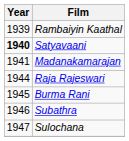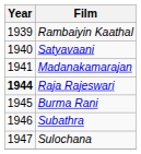 <table class="wikitable sortable">
 <tr>
 <th>Year</th>
 <th>Film</th>
 </tr>
 <tr>
 <td>1939</td>
 <td><em>Rambaiyin Kaathal</em></td>
 </tr>
 <tr>
-<td><strong>1940</strong></td>
+<td>1940</td>
 <td><em><a href='#'>Satyavaani</a></em></td>
 </tr>
 <tr>
 <td>1941</td>
 <td><em><a href='#'>Madanakamarajan</a></em></td>
 </tr>
 <tr>
-<td>1944</td>
+<td><strong>1944</strong></td>
 <td><em><a href='#'>Raja Rajeswari</a></em></td>
 </tr>
 <tr>
 <td>1945</td>
 <td><em><a href='#'>Burma Rani</a></em></td>
 </tr>
 <tr>
 <td>1946</td>
 <td><em><a href='#'>Subathra</a></em></td>
 </tr>
 <tr>
 <td>1947</td>
 <td><em>Sulochana</em></td>
 </tr>
 <tr>
 </tr>
 </table>
